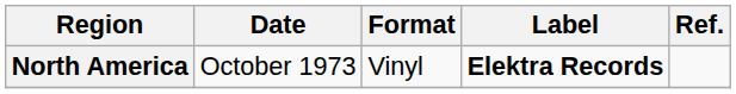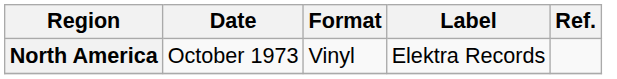 <table class="wikitable plainrowheaders">
 <tr>
 <th scope="col">Region</th>
 <th scope="col">Date</th>
 <th scope="col">Format</th>
 <th scope="col">Label</th>
 <th scope="col">Ref.</th>
 </tr>
 <tr>
 <th scope="row">North America</th>
 <td>October 1973</td>
 <td>Vinyl</td>
-<td><strong>Elektra Records</strong></td>
+<td>Elektra Records</td>
 <td></td>
 </tr>
 <tr>
 </tr>
 </table>
